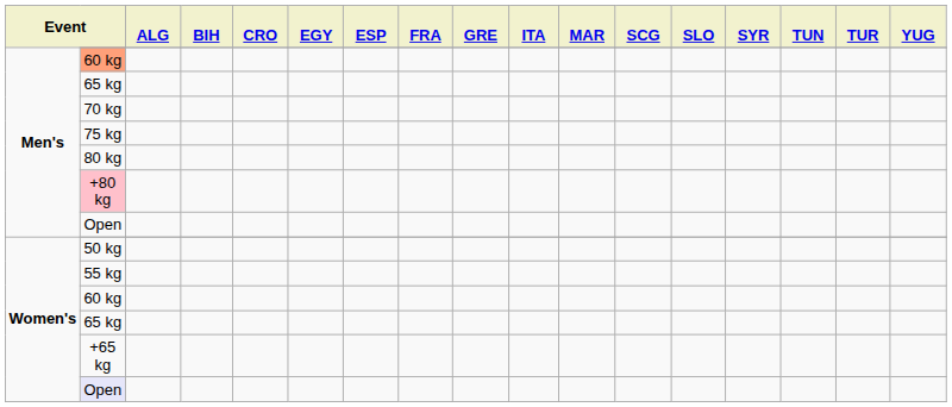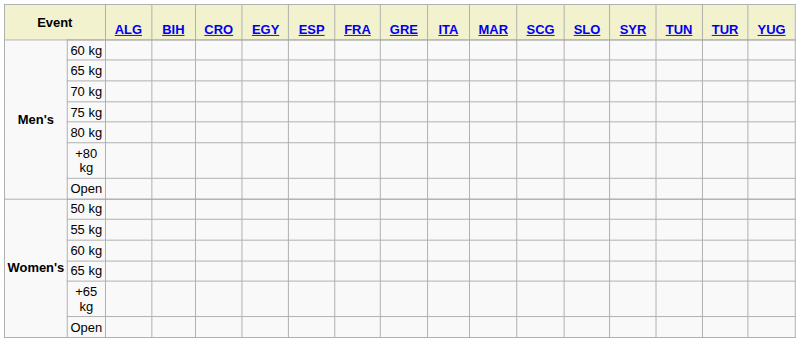 <table class="wikitable" style="margin-top:0em; text-align:center; font-size:89%;">
 <tr>
 <th colspan="2" style="background-color:#f2f2ce; width:15.0em;">Event</th>
 <th style="background-color:#f2f2ce; width:4.5em;"><br><a href='#'>ALG</a></th>
 <th style="background-color:#f2f2ce; width:4.5em;"><br><a href='#'>BIH</a></th>
 <th style="background-color:#f2f2ce; width:4.5em;"><br><a href='#'>CRO</a></th>
 <th style="background-color:#f2f2ce; width:4.5em;"><br><a href='#'>EGY</a></th>
 <th style="background-color:#f2f2ce; width:4.5em;"><br><a href='#'>ESP</a></th>
 <th style="background-color:#f2f2ce; width:4.5em;"><br><a href='#'>FRA</a></th>
 <th style="background-color:#f2f2ce; width:4.5em;"><br><a href='#'>GRE</a></th>
 <th style="background-color:#f2f2ce; width:4.5em;"><br><a href='#'>ITA</a></th>
 <th style="background-color:#f2f2ce; width:4.5em;"><br><a href='#'>MAR</a></th>
 <th style="background-color:#f2f2ce; width:4.5em;"><br><a href='#'>SCG</a></th>
 <th style="background-color:#f2f2ce; width:4.5em;"><br><a href='#'>SLO</a></th>
 <th style="background-color:#f2f2ce; width:4.5em;"><br><a href='#'>SYR</a></th>
 <th style="background-color:#f2f2ce; width:4.5em;"><br><a href='#'>TUN</a></th>
 <th style="background-color:#f2f2ce; width:4.5em;"><br><a href='#'>TUR</a></th>
 <th style="background-color:#f2f2ce; width:4.5em;"><br><a href='#'>YUG</a></th>
 </tr>
 <tr>
 <td rowspan="8"><strong>Men's</strong></td>
 </tr>
 <tr>
-<td style="background: lightsalmon;">60 kg</td>
+<td>60 kg</td>
 <td></td>
 <td></td>
 <td></td>
 <td></td>
 <td></td>
 <td></td>
 <td></td>
 <td></td>
 <td></td>
 <td></td>
 <td></td>
 <td></td>
 <td></td>
 <td></td>
 <td></td>
 </tr>
 <tr>
 <td>65 kg</td>
 <td></td>
 <td></td>
 <td></td>
 <td></td>
 <td></td>
 <td></td>
 <td></td>
 <td></td>
 <td></td>
 <td></td>
 <td></td>
 <td></td>
 <td></td>
 <td></td>
 <td></td>
 </tr>
 <tr>
 <td>70 kg</td>
 <td></td>
 <td></td>
 <td></td>
 <td></td>
 <td></td>
 <td></td>
 <td></td>
 <td></td>
 <td></td>
 <td></td>
 <td></td>
 <td></td>
 <td></td>
 <td></td>
 <td></td>
 </tr>
 <tr>
 <td>75 kg</td>
 <td></td>
 <td></td>
 <td></td>
 <td></td>
 <td></td>
 <td></td>
 <td></td>
 <td></td>
 <td></td>
 <td></td>
 <td></td>
 <td></td>
 <td></td>
 <td></td>
 <td></td>
 </tr>
 <tr>
 <td>80 kg</td>
 <td></td>
 <td></td>
 <td></td>
 <td></td>
 <td></td>
 <td></td>
 <td></td>
 <td></td>
 <td></td>
 <td></td>
 <td></td>
 <td></td>
 <td></td>
 <td></td>
 <td></td>
 </tr>
 <tr>
-<td style="background: pink;">+80 kg</td>
+<td>+80 kg</td>
 <td></td>
 <td></td>
 <td></td>
 <td></td>
 <td></td>
 <td></td>
 <td></td>
 <td></td>
 <td></td>
 <td></td>
 <td></td>
 <td></td>
 <td></td>
 <td></td>
 <td></td>
 </tr>
 <tr>
 <td>Open</td>
 <td></td>
 <td></td>
 <td></td>
 <td></td>
 <td></td>
 <td></td>
 <td></td>
 <td></td>
 <td></td>
 <td></td>
 <td></td>
 <td></td>
 <td></td>
 <td></td>
 <td></td>
 </tr>
 <tr>
 <td rowspan="7"><strong>Women's</strong></td>
 </tr>
 <tr>
 <td>50 kg</td>
 <td></td>
 <td></td>
 <td></td>
 <td></td>
 <td></td>
 <td></td>
 <td></td>
 <td></td>
 <td></td>
 <td></td>
 <td></td>
 <td></td>
 <td></td>
 <td></td>
 <td></td>
 </tr>
 <tr>
 <td>55 kg</td>
 <td></td>
 <td></td>
 <td></td>
 <td></td>
 <td></td>
 <td></td>
 <td></td>
 <td></td>
 <td></td>
 <td></td>
 <td></td>
 <td></td>
 <td></td>
 <td></td>
 <td></td>
 </tr>
 <tr>
 <td>60 kg</td>
 <td></td>
 <td></td>
 <td></td>
 <td></td>
 <td></td>
 <td></td>
 <td></td>
 <td></td>
 <td></td>
 <td></td>
 <td></td>
 <td></td>
 <td></td>
 <td></td>
 <td></td>
 </tr>
 <tr>
 <td>65 kg</td>
 <td></td>
 <td></td>
 <td></td>
 <td></td>
 <td></td>
 <td></td>
 <td></td>
 <td></td>
 <td></td>
 <td></td>
 <td></td>
 <td></td>
 <td></td>
 <td></td>
 <td></td>
 </tr>
 <tr>
 <td>+65 kg</td>
 <td></td>
 <td></td>
 <td></td>
 <td></td>
 <td></td>
 <td></td>
 <td></td>
 <td></td>
 <td></td>
 <td></td>
 <td></td>
 <td></td>
 <td></td>
 <td></td>
 <td></td>
 </tr>
 <tr>
-<td style="background: lavender;">Open</td>
+<td>Open</td>
 <td></td>
 <td></td>
 <td></td>
 <td></td>
 <td></td>
 <td></td>
 <td></td>
 <td></td>
 <td></td>
 <td></td>
 <td></td>
 <td></td>
 <td></td>
 <td></td>
 <td></td>
 </tr>
 </table>
